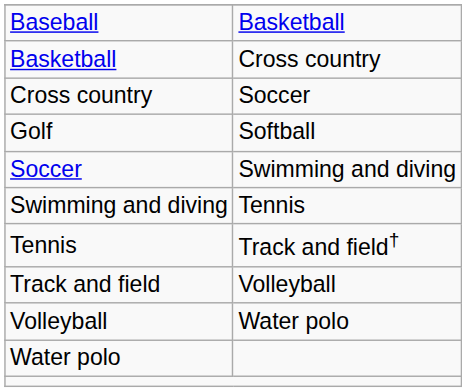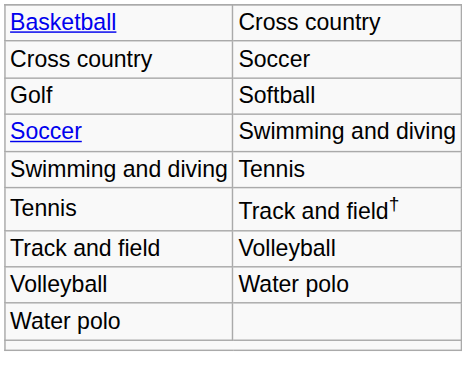 <table class="wikitable" style="float:right; clear:right; margin:0 0 1em 1em;">
 <tr>
-</tr>
-<tr>
-<td><a href='#'>Baseball</a></td>
-<td><a href='#'>Basketball</a></td>
 </tr>
 <tr>
 <td><a href='#'>Basketball</a></td>
 <td>Cross country</td>
 </tr>
 <tr>
 <td>Cross country</td>
 <td>Soccer</td>
 </tr>
 <tr>
 <td>Golf</td>
 <td>Softball</td>
 </tr>
 <tr>
 <td><a href='#'>Soccer</a></td>
 <td>Swimming and diving</td>
 </tr>
 <tr>
 <td>Swimming and diving</td>
 <td>Tennis</td>
 </tr>
 <tr>
 <td>Tennis</td>
 <td>Track and field<sup>†</sup></td>
 </tr>
 <tr>
 <td>Track and field</td>
 <td>Volleyball</td>
 </tr>
 <tr>
 <td>Volleyball</td>
 <td>Water polo</td>
 </tr>
 <tr>
 <td>Water polo</td>
 <td></td>
 </tr>
 <tr>
 <td colspan="2"></td>
 </tr>
 </table>
